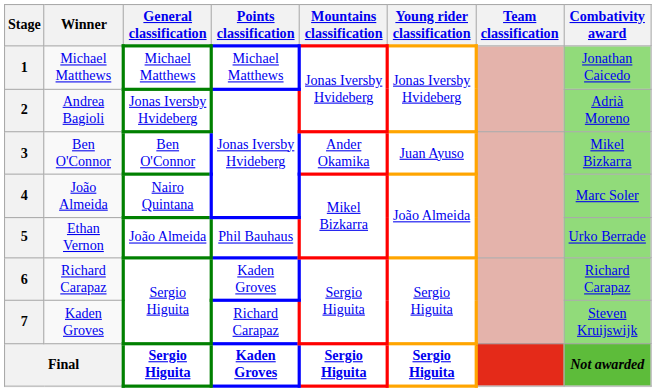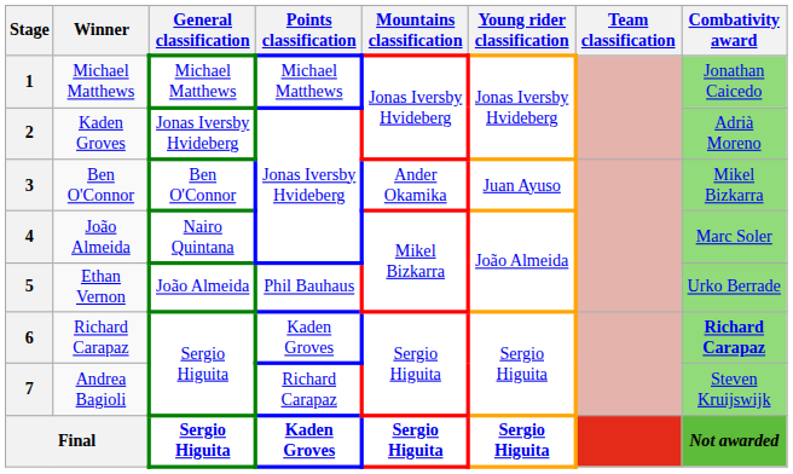 <table class="wikitable" style="text-align: center; font-size:smaller;">
 <tr style="background:#efefef;">
 <th style="width:2%;">Stage</th>
 <th style="width:14%;">Winner</th>
 <th style="width:14%;"><a href='#'>General classification</a><br></th>
 <th style="width:14%;"><a href='#'>Points classification</a><br></th>
 <th style="width:14%;"><a href='#'>Mountains classification</a><br></th>
 <th style="width:14%;"><a href='#'>Young rider classification</a><br></th>
 <th style="width:14%;"><a href='#'>Team classification</a><br></th>
 <th style="width:14%;"><a href='#'>Combativity award</a><br></th>
 </tr>
 <tr>
 <th>1</th>
 <td><a href='#'>Michael Matthews</a></td>
 <td style="background:white; border:3px solid green;"><a href='#'>Michael Matthews</a></td>
 <td style="background:white; border:3px solid blue;"><a href='#'>Michael Matthews</a></td>
 <td style="background:white; border:3px solid red;" rowspan="2"><a href='#'>Jonas Iversby Hvideberg</a></td>
 <td style="background:white; border:3px solid orange;" rowspan="2"><a href='#'>Jonas Iversby Hvideberg</a></td>
 <td style="background:#E4B3AB;" rowspan="2"></td>
 <td style="background:#91DB7A;"><a href='#'>Jonathan Caicedo</a></td>
 </tr>
 <tr>
 <th>2</th>
-<td><a href='#'>Andrea Bagioli</a></td>
+<td><a href='#'>Kaden Groves</a></td>
 <td style="background:white; border:3px solid green;"><a href='#'>Jonas Iversby Hvideberg</a></td>
 <td style="background:white; border:3px solid blue;" rowspan="3"><a href='#'>Jonas Iversby Hvideberg</a></td>
 <td style="background:#91DB7A;"><a href='#'>Adrià Moreno</a></td>
 </tr>
 <tr>
 <th>3</th>
 <td><a href='#'>Ben O'Connor</a></td>
 <td style="background:white; border:3px solid green;"><a href='#'>Ben O'Connor</a></td>
 <td style="background:white; border:3px solid red;"><a href='#'>Ander Okamika</a></td>
 <td style="background:white; border:3px solid orange;"><a href='#'>Juan Ayuso</a></td>
 <td style="background:#E4B3AB;" rowspan="3"></td>
 <td style="background:#91DB7A;"><a href='#'>Mikel Bizkarra</a></td>
 </tr>
 <tr>
 <th>4</th>
 <td><a href='#'>João Almeida</a></td>
 <td style="background:white; border:3px solid green;"><a href='#'>Nairo Quintana</a></td>
 <td style="background:white; border:3px solid red;" rowspan="2"><a href='#'>Mikel Bizkarra</a></td>
 <td style="background:white; border:3px solid orange;" rowspan="2"><a href='#'>João Almeida</a></td>
 <td style="background:#91DB7A;"><a href='#'>Marc Soler</a></td>
 </tr>
 <tr>
 <th>5</th>
 <td><a href='#'>Ethan Vernon</a></td>
 <td style="background:white; border:3px solid green;"><a href='#'>João Almeida</a></td>
 <td style="background:white; border:3px solid blue;"><a href='#'>Phil Bauhaus</a></td>
 <td style="background:#91DB7A;"><a href='#'>Urko Berrade</a></td>
 </tr>
 <tr>
 <th>6</th>
 <td><a href='#'>Richard Carapaz</a></td>
 <td style="background:white; border:3px solid green;" rowspan="2"><a href='#'>Sergio Higuita</a></td>
 <td style="background:white; border:3px solid blue;"><a href='#'>Kaden Groves</a></td>
 <td style="background:white; border:3px solid red;" rowspan="2"><a href='#'>Sergio Higuita</a></td>
 <td style="background:white; border:3px solid orange;" rowspan="2"><a href='#'>Sergio Higuita</a></td>
 <td style="background:#E4B3AB;" rowspan="2"></td>
-<td style="background:#91DB7A;"><a href='#'>Richard Carapaz</a></td>
+<td style="background:#91DB7A;"><strong><a href='#'>Richard Carapaz</a></strong></td>
 </tr>
 <tr>
 <th>7</th>
-<td><a href='#'>Kaden Groves</a></td>
+<td><a href='#'>Andrea Bagioli</a></td>
 <td style="background:white; border:3px solid blue;"><a href='#'>Richard Carapaz</a></td>
 <td style="background:#91DB7A;"><a href='#'>Steven Kruijswijk</a></td>
 </tr>
 <tr>
 <th colspan="2">Final</th>
 <th style="background:white; border:3px solid green;"><a href='#'>Sergio Higuita</a></th>
 <th style="background:white; border:3px solid blue;"><a href='#'>Kaden Groves</a></th>
 <th style="background:white; border:3px solid red;"><a href='#'>Sergio Higuita</a></th>
 <th style="background:white; border:3px solid orange;"><a href='#'>Sergio Higuita</a></th>
 <th style="background:#E42A19;"></th>
 <th style="background:#5DBC3A;"><em>Not awarded</em></th>
 </tr>
 </table>
